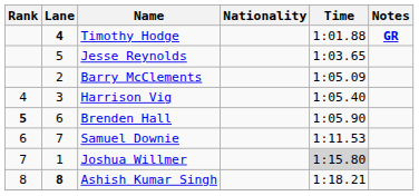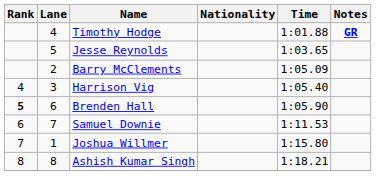 <table class="wikitable sortable" style="text-align:center">
 <tr>
 <th>Rank</th>
 <th>Lane</th>
 <th>Name</th>
 <th>Nationality</th>
 <th>Time</th>
 <th>Notes</th>
 </tr>
 <tr>
 <td></td>
-<td><strong>4</strong></td>
+<td>4</td>
 <td align=left><a href='#'>Timothy Hodge</a></td>
 <td align=left></td>
 <td>1:01.88</td>
 <td><strong><a href='#'>GR</a></strong></td>
 </tr>
 <tr>
 <td></td>
 <td>5</td>
 <td align=left><a href='#'>Jesse Reynolds</a></td>
 <td align=left></td>
 <td>1:03.65</td>
 <td></td>
 </tr>
 <tr>
 <td></td>
 <td>2</td>
 <td align=left><a href='#'>Barry McClements</a></td>
 <td align=left></td>
 <td>1:05.09</td>
 <td></td>
 </tr>
 <tr>
 <td>4</td>
 <td>3</td>
 <td align=left><a href='#'>Harrison Vig</a></td>
 <td align=left></td>
 <td>1:05.40</td>
 <td></td>
 </tr>
 <tr>
 <td><strong>5</strong></td>
 <td>6</td>
 <td align=left><a href='#'>Brenden Hall</a></td>
 <td align=left></td>
 <td>1:05.90</td>
 <td></td>
 </tr>
 <tr>
 <td>6</td>
 <td>7</td>
 <td align=left><a href='#'>Samuel Downie</a></td>
 <td align=left></td>
 <td>1:11.53</td>
 <td></td>
 </tr>
 <tr>
 <td>7</td>
 <td>1</td>
 <td align=left><a href='#'>Joshua Willmer</a></td>
 <td align=left></td>
-<td style="background: lightgrey;">1:15.80</td>
+<td>1:15.80</td>
 <td></td>
 </tr>
 <tr>
 <td>8</td>
-<td><strong>8</strong></td>
+<td>8</td>
 <td align=left><a href='#'>Ashish Kumar Singh</a></td>
 <td align=left></td>
 <td>1:18.21</td>
 <td></td>
 </tr>
 <tr>
 </tr>
 </table>
